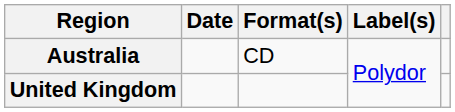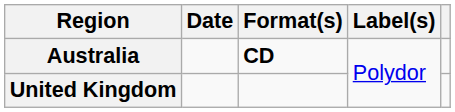 <table class="wikitable plainrowheaders">
 <tr>
 <th scope="col">Region</th>
 <th scope="col">Date</th>
 <th scope="col">Format(s)</th>
 <th scope="col">Label(s)</th>
 <th scope="col"></th>
 </tr>
 <tr>
 <th scope="row">Australia</th>
 <td></td>
-<td>CD</td>
+<td><strong>CD</strong></td>
 <td rowspan="2"><a href='#'>Polydor</a></td>
 <td></td>
 </tr>
 <tr>
 <th scope="row">United Kingdom</th>
 <td></td>
 <td></td>
 <td></td>
 </tr>
 </table>
